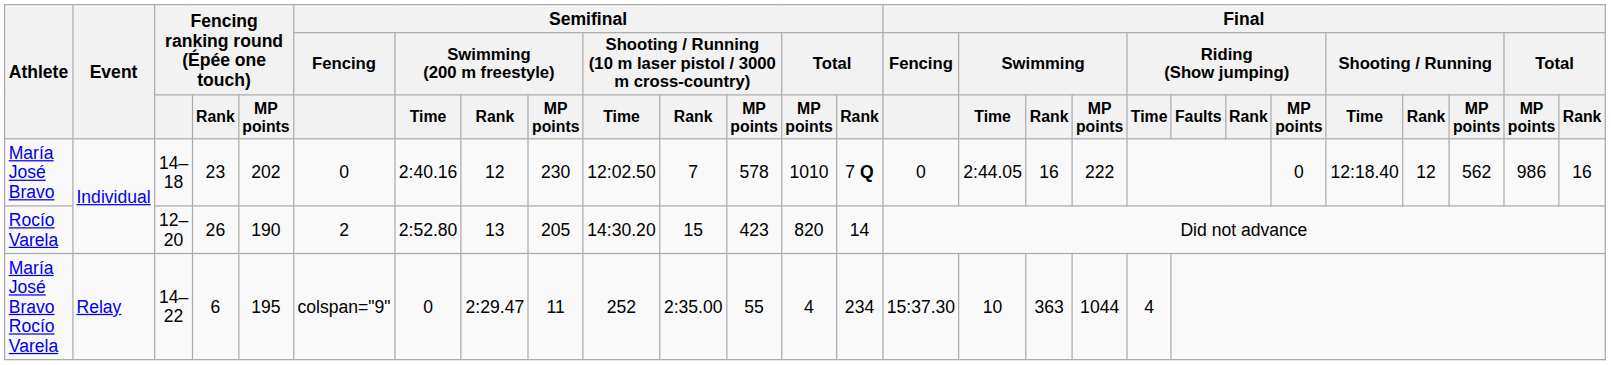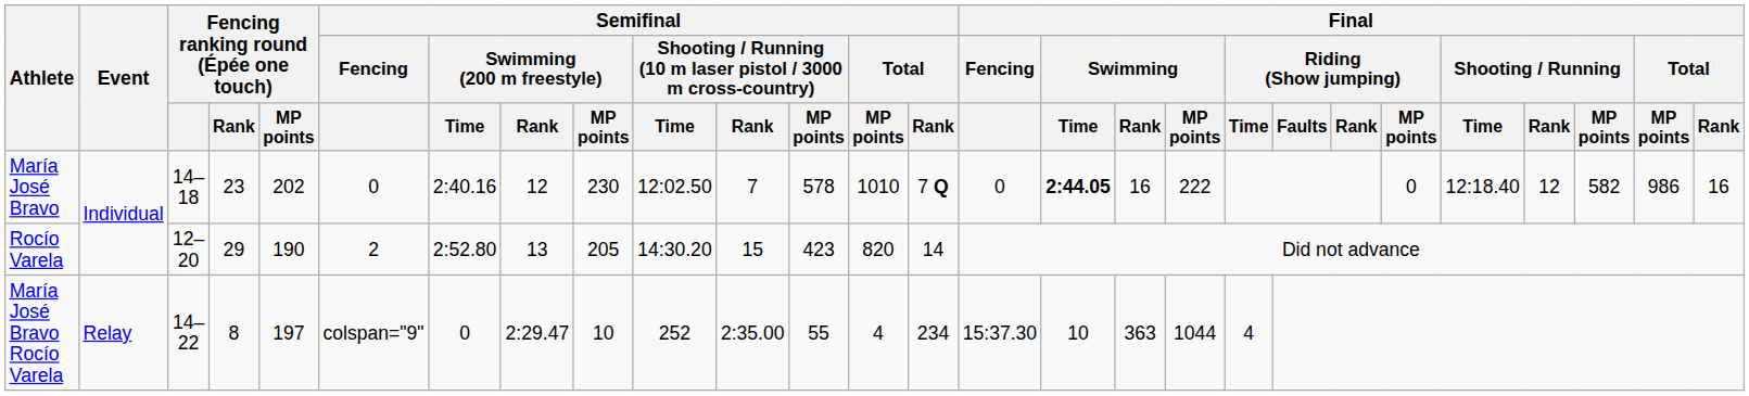 <table class=wikitable style=font-size:90%;text-align:center>
 <tr>
 <th rowspan=3>Athlete</th>
 <th rowspan=3>Event</th>
 <th colspan=3 rowspan=2>Fencing ranking round<br><span>(Épée one touch)</span></th>
 <th colspan=9>Semifinal</th>
 <th colspan=13>Final</th>
 </tr>
 <tr style=font-size:95%>
 <th>Fencing</th>
 <th colspan=3>Swimming<br><span>(200 m freestyle)</span></th>
 <th colspan=3>Shooting / Running<br><span>(10 m laser pistol / 3000 m cross-country)</span></th>
 <th colspan=2>Total</th>
 <th>Fencing</th>
 <th colspan=3>Swimming</th>
 <th colspan=4>Riding<br><span>(Show jumping)</span></th>
 <th colspan=3>Shooting / Running</th>
 <th colspan=2>Total</th>
 </tr>
 <tr style=font-size:90%>
 <th></th>
 <th>Rank</th>
 <th>MP points</th>
 <th></th>
 <th>Time</th>
 <th>Rank</th>
 <th>MP points</th>
 <th>Time</th>
 <th>Rank</th>
 <th>MP points</th>
 <th>MP points</th>
 <th>Rank</th>
 <th></th>
 <th>Time</th>
 <th>Rank</th>
 <th>MP points</th>
 <th>Time</th>
 <th>Faults</th>
 <th>Rank</th>
 <th>MP points</th>
 <th>Time</th>
 <th>Rank</th>
 <th>MP points</th>
 <th>MP points</th>
 <th>Rank</th>
 </tr>
 <tr>
 <td style="text-align:left"><a href='#'>María José Bravo</a></td>
 <td style="text-align:left" rowspan=2><a href='#'>Individual</a></td>
 <td>14–18</td>
 <td>23</td>
 <td>202</td>
 <td>0</td>
 <td>2:40.16</td>
 <td>12</td>
 <td>230</td>
 <td>12:02.50</td>
 <td>7</td>
 <td>578</td>
 <td>1010</td>
 <td>7 <strong>Q</strong></td>
 <td>0</td>
-<td>2:44.05</td>
+<td><strong>2:44.05</strong></td>
 <td>16</td>
 <td>222</td>
 <td colspan="3"></td>
 <td>0</td>
 <td>12:18.40</td>
 <td>12</td>
-<td>562</td>
+<td>582</td>
 <td>986</td>
 <td>16</td>
 </tr>
 <tr>
 <td style="text-align:left"><a href='#'>Rocío Varela</a></td>
 <td>12–20</td>
-<td>26</td>
+<td>29</td>
 <td>190</td>
 <td>2</td>
 <td>2:52.80</td>
 <td>13</td>
 <td>205</td>
 <td>14:30.20</td>
 <td>15</td>
 <td>423</td>
 <td>820</td>
 <td>14</td>
 <td colspan="13">Did not advance</td>
 </tr>
 <tr>
 <td style="text-align:left"><a href='#'>María José Bravo</a><br><a href='#'>Rocío Varela</a></td>
 <td style="text-align:left"><a href='#'>Relay</a></td>
 <td>14–22</td>
-<td>6</td>
-<td>195</td>
+<td>8</td>
+<td>197</td>
 <td>colspan="9" </td>
 <td>0</td>
 <td>2:29.47</td>
-<td>11</td>
+<td>10</td>
 <td>252</td>
 <td>2:35.00</td>
 <td>55</td>
 <td>4</td>
 <td>234</td>
 <td>15:37.30</td>
 <td>10</td>
 <td>363</td>
 <td>1044</td>
 <td>4</td>
 </tr>
 </table>
